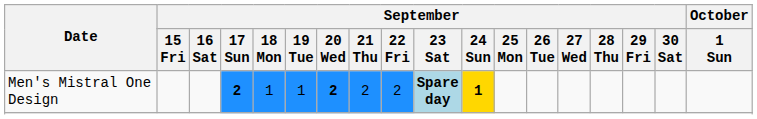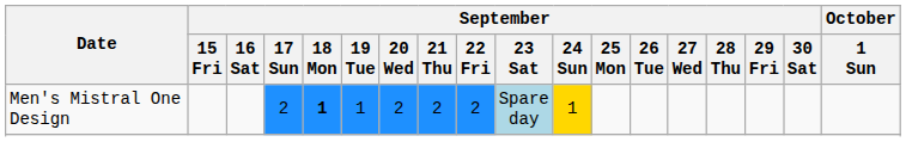 <table class="wikitable" style="margin:0.5em auto; font-size:90%; line-height:1.25em;">
 <tr>
 <th rowspan=2>Date</th>
 <th colspan=16>September</th>
 <th colspan=1>October</th>
 </tr>
 <tr>
 <th>15<br>Fri</th>
 <th>16<br>Sat</th>
 <th>17<br>Sun</th>
 <th>18<br>Mon</th>
 <th>19<br>Tue</th>
 <th>20<br>Wed</th>
 <th>21<br>Thu</th>
 <th>22<br>Fri</th>
 <th>23<br>Sat</th>
 <th>24<br>Sun</th>
 <th>25<br>Mon</th>
 <th>26<br>Tue</th>
 <th>27<br>Wed</th>
 <th>28<br>Thu</th>
 <th>29<br>Fri</th>
 <th>30<br>Sat</th>
 <th>1<br>Sun</th>
 </tr>
 <tr align="center">
 <td align="left">Men's Mistral One Design</td>
 <td></td>
 <td></td>
-<td bgcolor=DodgerBlue><strong><span>2</span></strong></td>
+<td bgcolor=DodgerBlue><span>2</span></td>
+<td bgcolor=DodgerBlue><strong><span>1</span></strong></td>
 <td bgcolor=DodgerBlue><span>1</span></td>
-<td bgcolor=DodgerBlue><span>1</span></td>
-<td bgcolor=DodgerBlue><strong><span>2</span></strong></td>
 <td bgcolor=DodgerBlue><span>2</span></td>
 <td bgcolor=DodgerBlue><span>2</span></td>
-<td bgcolor=LightBlue><strong>Spare<br>day</strong></td>
-<td bgcolor=Gold><strong><span>1</span></strong></td>
+<td bgcolor=DodgerBlue><span>2</span></td>
+<td bgcolor=LightBlue>Spare<br>day</td>
+<td bgcolor=Gold><span>1</span></td>
 <td></td>
 <td></td>
 <td></td>
 <td></td>
 <td></td>
 <td></td>
 <td></td>
 </tr>
 <tr align="center">
 </tr>
 <tr>
 </tr>
 </table>
